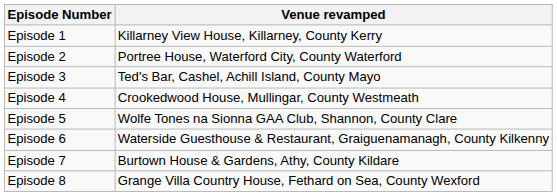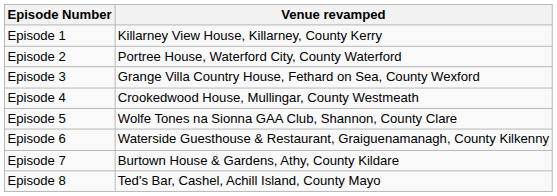 <table class="wikitable">
 <tr>
 <th>Episode Number</th>
 <th>Venue revamped</th>
 </tr>
 <tr>
 <td>Episode 1</td>
 <td>Killarney View House, Killarney, County Kerry</td>
 </tr>
 <tr>
 <td>Episode 2</td>
 <td>Portree House, Waterford City, County Waterford</td>
 </tr>
 <tr>
 <td>Episode 3</td>
-<td>Ted's Bar, Cashel, Achill Island, County Mayo</td>
+<td>Grange Villa Country House, Fethard on Sea, County Wexford</td>
 </tr>
 <tr>
 <td>Episode 4</td>
 <td>Crookedwood House, Mullingar, County Westmeath</td>
 </tr>
 <tr>
 <td>Episode 5</td>
 <td>Wolfe Tones na Sionna GAA Club, Shannon, County Clare</td>
 </tr>
 <tr>
 <td>Episode 6</td>
 <td>Waterside Guesthouse & Restaurant, Graiguenamanagh, County Kilkenny</td>
 </tr>
 <tr>
 <td>Episode 7</td>
 <td>Burtown House & Gardens, Athy, County Kildare</td>
 </tr>
 <tr>
 <td>Episode 8</td>
-<td>Grange Villa Country House, Fethard on Sea, County Wexford</td>
+<td>Ted's Bar, Cashel, Achill Island, County Mayo</td>
 </tr>
 </table>
